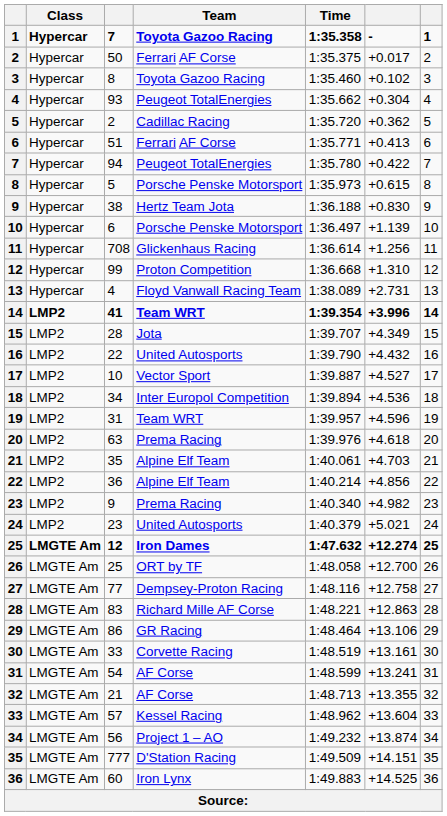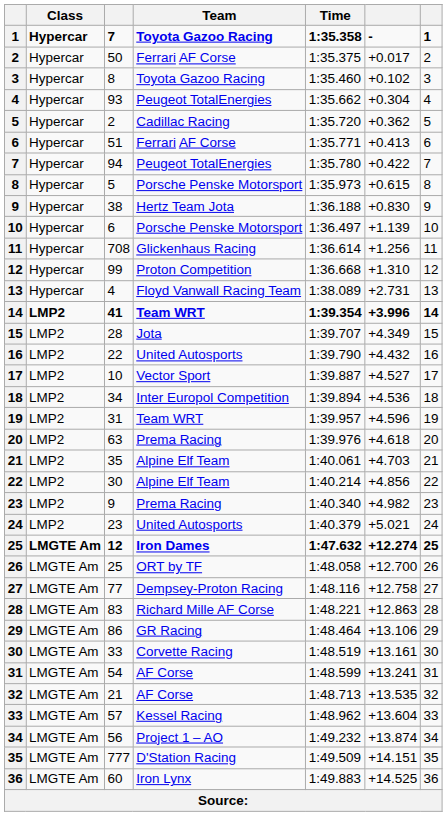 <table class="wikitable sortable" style="font-size:85%;">
 <tr>
 <th></th>
 <th>Class</th>
 <th></th>
 <th>Team</th>
 <th>Time</th>
 <th></th>
 <th></th>
 </tr>
 <tr style="font-weight:bold">
 <th>1</th>
 <td>Hypercar</td>
 <td>7</td>
 <td> <a href='#'>Toyota Gazoo Racing</a></td>
 <td>1:35.358</td>
 <td>-</td>
 <td>1</td>
 </tr>
 <tr>
 <th>2</th>
 <td>Hypercar</td>
 <td>50</td>
 <td> <a href='#'>Ferrari</a> <a href='#'>AF Corse</a></td>
 <td>1:35.375</td>
 <td>+0.017</td>
 <td>2</td>
 </tr>
 <tr>
 <th>3</th>
 <td>Hypercar</td>
 <td>8</td>
 <td> <a href='#'>Toyota Gazoo Racing</a></td>
 <td>1:35.460</td>
 <td>+0.102</td>
 <td>3</td>
 </tr>
 <tr>
 <th>4</th>
 <td>Hypercar</td>
 <td>93</td>
 <td> <a href='#'>Peugeot TotalEnergies</a></td>
 <td>1:35.662</td>
 <td>+0.304</td>
 <td>4</td>
 </tr>
 <tr>
 <th>5</th>
 <td>Hypercar</td>
 <td>2</td>
 <td> <a href='#'>Cadillac Racing</a></td>
 <td>1:35.720</td>
 <td>+0.362</td>
 <td>5</td>
 </tr>
 <tr>
 <th>6</th>
 <td>Hypercar</td>
 <td>51</td>
 <td> <a href='#'>Ferrari</a> <a href='#'>AF Corse</a></td>
 <td>1:35.771</td>
 <td>+0.413</td>
 <td>6</td>
 </tr>
 <tr>
 <th>7</th>
 <td>Hypercar</td>
 <td>94</td>
 <td> <a href='#'>Peugeot TotalEnergies</a></td>
 <td>1:35.780</td>
 <td>+0.422</td>
 <td>7</td>
 </tr>
 <tr>
 <th>8</th>
 <td>Hypercar</td>
 <td>5</td>
 <td> <a href='#'>Porsche Penske Motorsport</a></td>
 <td>1:35.973</td>
 <td>+0.615</td>
 <td>8</td>
 </tr>
 <tr>
 <th>9</th>
 <td>Hypercar</td>
 <td>38</td>
 <td> <a href='#'>Hertz Team Jota</a></td>
 <td>1:36.188</td>
 <td>+0.830</td>
 <td>9</td>
 </tr>
 <tr>
 <th>10</th>
 <td>Hypercar</td>
 <td>6</td>
 <td> <a href='#'>Porsche Penske Motorsport</a></td>
 <td>1:36.497</td>
 <td>+1.139</td>
 <td>10</td>
 </tr>
 <tr>
 <th>11</th>
 <td>Hypercar</td>
 <td>708</td>
 <td> <a href='#'>Glickenhaus Racing</a></td>
 <td>1:36.614</td>
 <td>+1.256</td>
 <td>11</td>
 </tr>
 <tr>
 <th>12</th>
 <td>Hypercar</td>
 <td>99</td>
 <td> <a href='#'>Proton Competition</a></td>
 <td>1:36.668</td>
 <td>+1.310</td>
 <td>12</td>
 </tr>
 <tr>
 <th>13</th>
 <td>Hypercar</td>
 <td>4</td>
 <td> <a href='#'>Floyd Vanwall Racing Team</a></td>
 <td>1:38.089</td>
 <td>+2.731</td>
 <td>13</td>
 </tr>
 <tr style="font-weight:bold">
 <th>14</th>
 <td>LMP2</td>
 <td>41</td>
 <td> <a href='#'>Team WRT</a></td>
 <td>1:39.354</td>
 <td>+3.996</td>
 <td>14</td>
 </tr>
 <tr>
 <th>15</th>
 <td>LMP2</td>
 <td>28</td>
 <td> <a href='#'>Jota</a></td>
 <td>1:39.707</td>
 <td>+4.349</td>
 <td>15</td>
 </tr>
 <tr>
 <th>16</th>
 <td>LMP2</td>
 <td>22</td>
 <td> <a href='#'>United Autosports</a></td>
 <td>1:39.790</td>
 <td>+4.432</td>
 <td>16</td>
 </tr>
 <tr>
 <th>17</th>
 <td>LMP2</td>
 <td>10</td>
 <td> <a href='#'>Vector Sport</a></td>
 <td>1:39.887</td>
 <td>+4.527</td>
 <td>17</td>
 </tr>
 <tr>
 <th>18</th>
 <td>LMP2</td>
 <td>34</td>
 <td> <a href='#'>Inter Europol Competition</a></td>
 <td>1:39.894</td>
 <td>+4.536</td>
 <td>18</td>
 </tr>
 <tr>
 <th>19</th>
 <td>LMP2</td>
 <td>31</td>
 <td> <a href='#'>Team WRT</a></td>
 <td>1:39.957</td>
 <td>+4.596</td>
 <td>19</td>
 </tr>
 <tr>
 <th>20</th>
 <td>LMP2</td>
 <td>63</td>
 <td> <a href='#'>Prema Racing</a></td>
 <td>1:39.976</td>
 <td>+4.618</td>
 <td>20</td>
 </tr>
 <tr>
 <th>21</th>
 <td>LMP2</td>
 <td>35</td>
 <td> <a href='#'>Alpine Elf Team</a></td>
 <td>1:40.061</td>
 <td>+4.703</td>
 <td>21</td>
 </tr>
 <tr>
 <th>22</th>
 <td>LMP2</td>
-<td>36</td>
+<td>30</td>
 <td> <a href='#'>Alpine Elf Team</a></td>
 <td>1:40.214</td>
 <td>+4.856</td>
 <td>22</td>
 </tr>
 <tr>
 <th>23</th>
 <td>LMP2</td>
 <td>9</td>
 <td> <a href='#'>Prema Racing</a></td>
 <td>1:40.340</td>
 <td>+4.982</td>
 <td>23</td>
 </tr>
 <tr>
 <th>24</th>
 <td>LMP2</td>
 <td>23</td>
 <td> <a href='#'>United Autosports</a></td>
 <td>1:40.379</td>
 <td>+5.021</td>
 <td>24</td>
 </tr>
 <tr style="font-weight:bold">
 <th>25</th>
 <td>LMGTE Am</td>
 <td>12</td>
 <td> <a href='#'>Iron Dames</a></td>
 <td>1:47.632</td>
 <td>+12.274</td>
 <td>25</td>
 </tr>
 <tr>
 <th>26</th>
 <td>LMGTE Am</td>
 <td>25</td>
 <td> <a href='#'>ORT by TF</a></td>
 <td>1:48.058</td>
 <td>+12.700</td>
 <td>26</td>
 </tr>
 <tr>
 <th>27</th>
 <td>LMGTE Am</td>
 <td>77</td>
 <td> <a href='#'>Dempsey-Proton Racing</a></td>
 <td>1:48.116</td>
 <td>+12.758</td>
 <td>27</td>
 </tr>
 <tr>
 <th>28</th>
 <td>LMGTE Am</td>
 <td>83</td>
 <td> <a href='#'>Richard Mille AF Corse</a></td>
 <td>1:48.221</td>
 <td>+12.863</td>
 <td>28</td>
 </tr>
 <tr>
 <th>29</th>
 <td>LMGTE Am</td>
 <td>86</td>
 <td> <a href='#'>GR Racing</a></td>
 <td>1:48.464</td>
 <td>+13.106</td>
 <td>29</td>
 </tr>
 <tr>
 <th>30</th>
 <td>LMGTE Am</td>
 <td>33</td>
 <td> <a href='#'>Corvette Racing</a></td>
 <td>1:48.519</td>
 <td>+13.161</td>
 <td>30</td>
 </tr>
 <tr>
 <th>31</th>
 <td>LMGTE Am</td>
 <td>54</td>
 <td> <a href='#'>AF Corse</a></td>
 <td>1:48.599</td>
 <td>+13.241</td>
 <td>31</td>
 </tr>
 <tr>
 <th>32</th>
 <td>LMGTE Am</td>
 <td>21</td>
 <td> <a href='#'>AF Corse</a></td>
 <td>1:48.713</td>
-<td>+13.355</td>
+<td>+13.535</td>
 <td>32</td>
 </tr>
 <tr>
 <th>33</th>
 <td>LMGTE Am</td>
 <td>57</td>
 <td> <a href='#'>Kessel Racing</a></td>
 <td>1:48.962</td>
 <td>+13.604</td>
 <td>33</td>
 </tr>
 <tr>
 <th>34</th>
 <td>LMGTE Am</td>
 <td>56</td>
 <td> <a href='#'>Project 1 – AO</a></td>
 <td>1:49.232</td>
 <td>+13.874</td>
 <td>34</td>
 </tr>
 <tr>
 <th>35</th>
 <td>LMGTE Am</td>
 <td>777</td>
 <td> <a href='#'>D'Station Racing</a></td>
 <td>1:49.509</td>
 <td>+14.151</td>
 <td>35</td>
 </tr>
 <tr>
 <th>36</th>
 <td>LMGTE Am</td>
 <td>60</td>
 <td> <a href='#'>Iron Lynx</a></td>
 <td>1:49.883</td>
 <td>+14.525</td>
 <td>36</td>
 </tr>
 <tr>
 <th colspan="7">Source:</th>
 </tr>
 </table>
